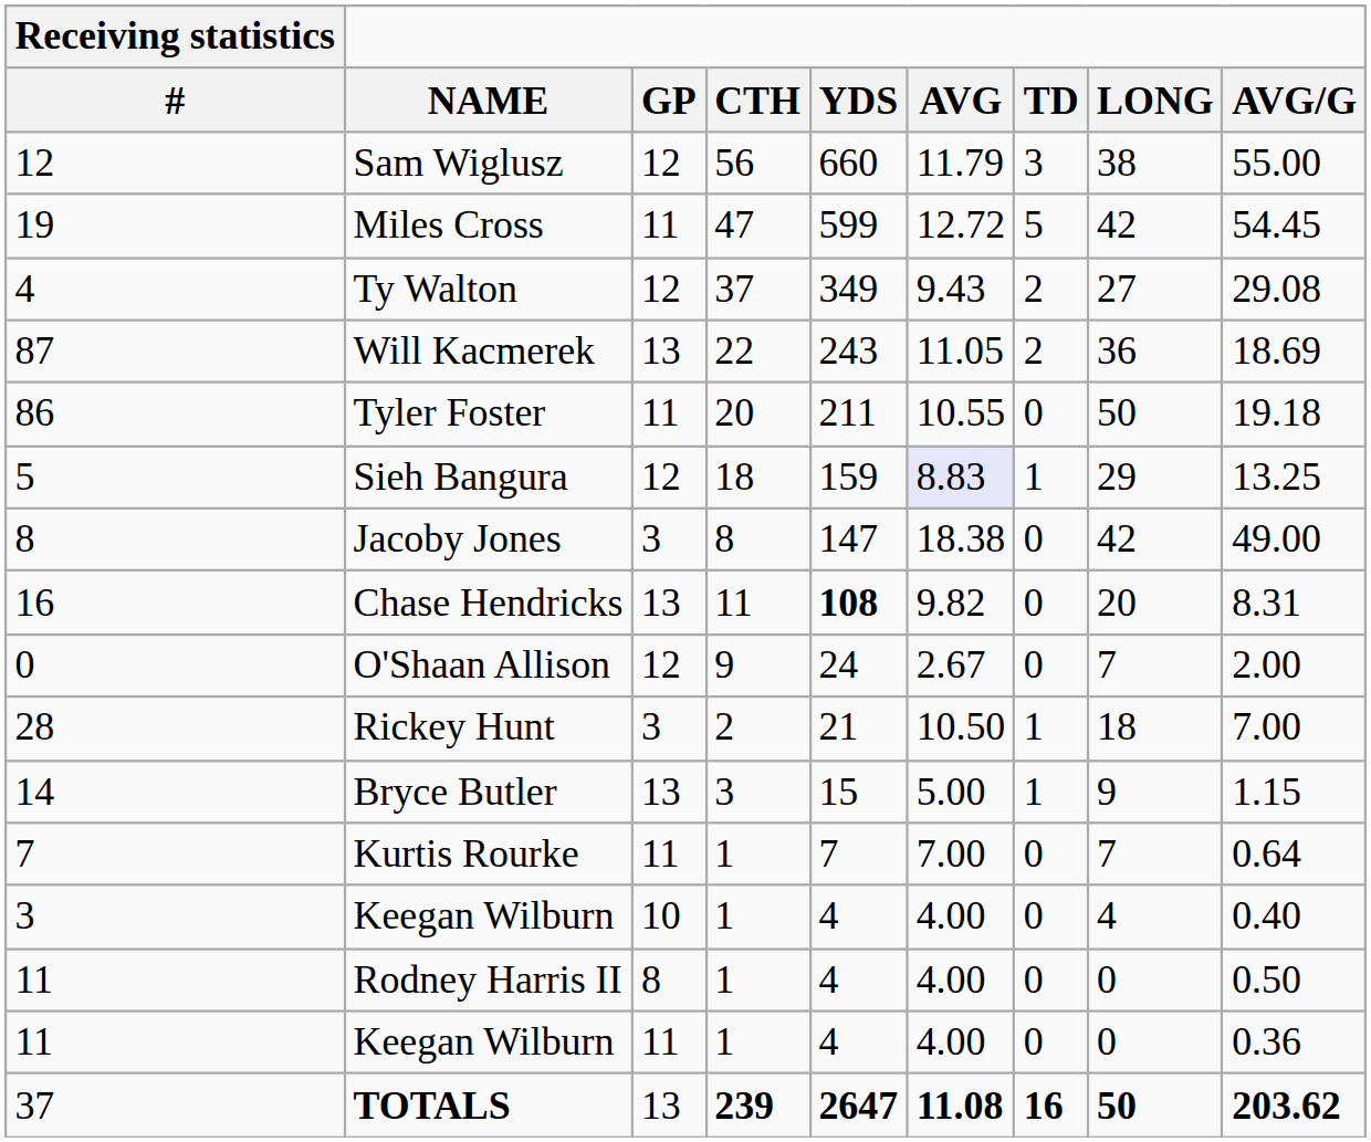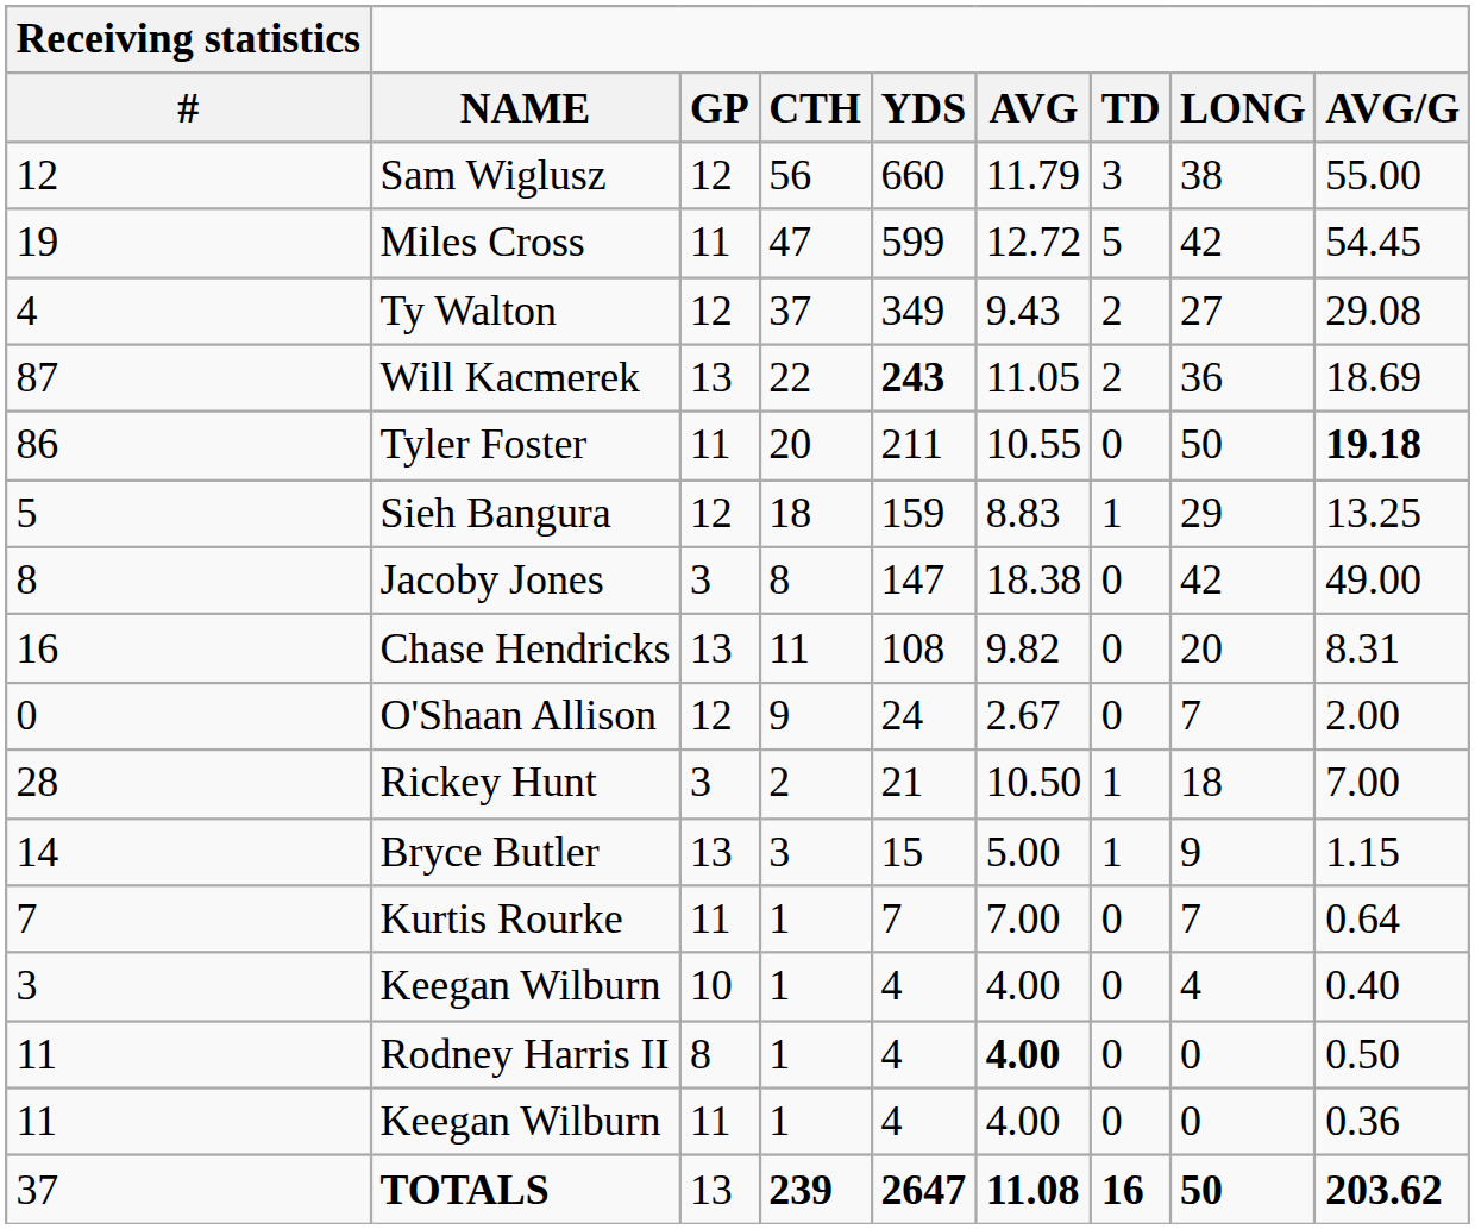 <table class="wikitable collapsible">
 <tr>
 <th style="text-align:center; ">Receiving statistics</th>
 </tr>
 <tr>
 <th>#</th>
 <th>NAME</th>
 <th>GP</th>
 <th>CTH</th>
 <th>YDS</th>
 <th>AVG</th>
 <th>TD</th>
 <th>LONG</th>
 <th>AVG/G</th>
 </tr>
 <tr>
 <td>12</td>
 <td>Sam Wiglusz</td>
 <td>12</td>
 <td>56</td>
 <td>660</td>
 <td>11.79</td>
 <td>3</td>
 <td>38</td>
 <td>55.00</td>
 </tr>
 <tr>
 <td>19</td>
 <td>Miles Cross</td>
 <td>11</td>
 <td>47</td>
 <td>599</td>
 <td>12.72</td>
 <td>5</td>
 <td>42</td>
 <td>54.45</td>
 </tr>
 <tr>
 <td>4</td>
 <td>Ty Walton</td>
 <td>12</td>
 <td>37</td>
 <td>349</td>
 <td>9.43</td>
 <td>2</td>
 <td>27</td>
 <td>29.08</td>
 </tr>
 <tr>
 <td>87</td>
 <td>Will Kacmerek</td>
 <td>13</td>
 <td>22</td>
-<td>243</td>
+<td><strong>243</strong></td>
 <td>11.05</td>
 <td>2</td>
 <td>36</td>
 <td>18.69</td>
 </tr>
 <tr>
 <td>86</td>
 <td>Tyler Foster</td>
 <td>11</td>
 <td>20</td>
 <td>211</td>
 <td>10.55</td>
 <td>0</td>
 <td>50</td>
-<td>19.18</td>
+<td><strong>19.18</strong></td>
 </tr>
 <tr>
 <td>5</td>
 <td>Sieh Bangura</td>
 <td>12</td>
 <td>18</td>
 <td>159</td>
-<td style="background: lavender;">8.83</td>
+<td>8.83</td>
 <td>1</td>
 <td>29</td>
 <td>13.25</td>
 </tr>
 <tr>
 <td>8</td>
 <td>Jacoby Jones</td>
 <td>3</td>
 <td>8</td>
 <td>147</td>
 <td>18.38</td>
 <td>0</td>
 <td>42</td>
 <td>49.00</td>
 </tr>
 <tr>
 <td>16</td>
 <td>Chase Hendricks</td>
 <td>13</td>
 <td>11</td>
-<td><strong>108</strong></td>
+<td>108</td>
 <td>9.82</td>
 <td>0</td>
 <td>20</td>
 <td>8.31</td>
 </tr>
 <tr>
 <td>0</td>
 <td>O'Shaan Allison</td>
 <td>12</td>
 <td>9</td>
 <td>24</td>
 <td>2.67</td>
 <td>0</td>
 <td>7</td>
 <td>2.00</td>
 </tr>
 <tr>
 <td>28</td>
 <td>Rickey Hunt</td>
 <td>3</td>
 <td>2</td>
 <td>21</td>
 <td>10.50</td>
 <td>1</td>
 <td>18</td>
 <td>7.00</td>
 </tr>
 <tr>
 <td>14</td>
 <td>Bryce Butler</td>
 <td>13</td>
 <td>3</td>
 <td>15</td>
 <td>5.00</td>
 <td>1</td>
 <td>9</td>
 <td>1.15</td>
 </tr>
 <tr>
 <td>7</td>
 <td>Kurtis Rourke</td>
 <td>11</td>
 <td>1</td>
 <td>7</td>
 <td>7.00</td>
 <td>0</td>
 <td>7</td>
 <td>0.64</td>
 </tr>
 <tr>
 <td>3</td>
 <td>Keegan Wilburn</td>
 <td>10</td>
 <td>1</td>
 <td>4</td>
 <td>4.00</td>
 <td>0</td>
 <td>4</td>
 <td>0.40</td>
 </tr>
 <tr>
 <td>11</td>
 <td>Rodney Harris II</td>
 <td>8</td>
 <td>1</td>
 <td>4</td>
-<td>4.00</td>
+<td><strong>4.00</strong></td>
 <td>0</td>
 <td>0</td>
 <td>0.50</td>
 </tr>
 <tr>
 <td>11</td>
 <td>Keegan Wilburn</td>
 <td>11</td>
 <td>1</td>
 <td>4</td>
 <td>4.00</td>
 <td>0</td>
 <td>0</td>
 <td>0.36</td>
 </tr>
 <tr>
 <td>37</td>
 <td><strong>TOTALS</strong></td>
 <td>13</td>
 <td><strong>239</strong></td>
 <td><strong>2647</strong></td>
 <td><strong>11.08</strong></td>
 <td><strong>16</strong></td>
 <td><strong>50</strong></td>
 <td><strong>203.62</strong></td>
 </tr>
 </table>
